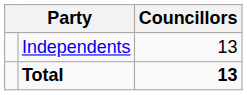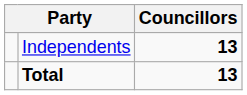 <table class="wikitable">
 <tr>
 <th colspan="2">Party</th>
 <th>Councillors</th>
 </tr>
 <tr>
 <td> </td>
 <td><a href='#'>Independents</a></td>
-<td align=right>13</td>
+<td align=right><strong>13</strong></td>
 </tr>
 <tr>
 <td></td>
 <td><strong>Total</strong></td>
 <td align=right><strong>13</strong></td>
 </tr>
 </table>
